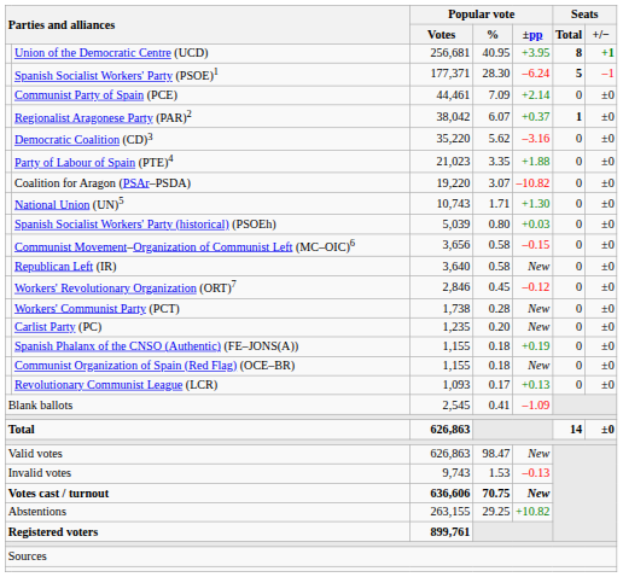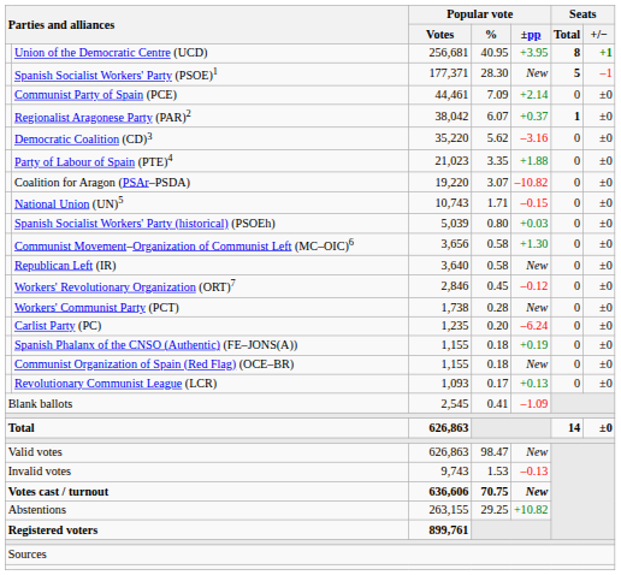 <table class="wikitable" style="text-align:right;">
 <tr>
 <th style="text-align:left;" rowspan="2" colspan="2" width="525">Parties and alliances</th>
 <th colspan="3">Popular vote</th>
 <th colspan="2">Seats</th>
 </tr>
 <tr>
 <th width="75">Votes</th>
 <th width="45">%</th>
 <th width="45">±<a href='#'>pp</a></th>
 <th width="35">Total</th>
 <th width="35">+/−</th>
 </tr>
 <tr>
 <td width="1" style="color:inherit;background:"></td>
 <td align="left"><a href='#'>Union of the Democratic Centre</a> (UCD)</td>
 <td>256,681</td>
 <td>40.95</td>
 <td style="color:green;">+3.95</td>
 <td><strong>8</strong></td>
 <td style="color:green;"><strong>+1</strong></td>
 </tr>
 <tr>
 <td style="color:inherit;background:"></td>
 <td align="left"><a href='#'>Spanish Socialist Workers' Party</a> (PSOE)<sup>1</sup></td>
 <td>177,371</td>
 <td>28.30</td>
-<td style="color:red;">–6.24</td>
+<td><em>New</em></td>
 <td><strong>5</strong></td>
 <td style="color:red;">–1</td>
 </tr>
 <tr>
 <td style="color:inherit;background:"></td>
 <td align="left"><a href='#'>Communist Party of Spain</a> (PCE)</td>
 <td>44,461</td>
 <td>7.09</td>
 <td style="color:green;">+2.14</td>
 <td>0</td>
 <td>±0</td>
 </tr>
 <tr>
 <td style="color:inherit;background:"></td>
 <td align="left"><a href='#'>Regionalist Aragonese Party</a> (PAR)<sup>2</sup></td>
 <td>38,042</td>
 <td>6.07</td>
 <td style="color:green;">+0.37</td>
 <td><strong>1</strong></td>
 <td>±0</td>
 </tr>
 <tr>
 <td style="color:inherit;background:"></td>
 <td align="left"><a href='#'>Democratic Coalition</a> (CD)<sup>3</sup></td>
 <td>35,220</td>
 <td>5.62</td>
 <td style="color:red;">–3.16</td>
 <td>0</td>
 <td>±0</td>
 </tr>
 <tr>
 <td style="color:inherit;background:"></td>
 <td align="left"><a href='#'>Party of Labour of Spain</a> (PTE)<sup>4</sup></td>
 <td>21,023</td>
 <td>3.35</td>
 <td style="color:green;">+1.88</td>
 <td>0</td>
 <td>±0</td>
 </tr>
 <tr>
 <td style="color:inherit;background:"></td>
 <td align="left">Coalition for Aragon (<a href='#'>PSAr</a>–PSDA)</td>
 <td>19,220</td>
 <td>3.07</td>
 <td style="color:red;">–10.82</td>
 <td>0</td>
 <td>±0</td>
 </tr>
 <tr>
 <td style="color:inherit;background:"></td>
 <td align="left"><a href='#'>National Union</a> (UN)<sup>5</sup></td>
 <td>10,743</td>
 <td>1.71</td>
-<td style="color:green;">+1.30</td>
+<td style="color:red;">–0.15</td>
 <td>0</td>
 <td>±0</td>
 </tr>
 <tr>
 <td style="color:inherit;background:"></td>
 <td align="left"><a href='#'>Spanish Socialist Workers' Party (historical)</a> (PSOEh)</td>
 <td>5,039</td>
 <td>0.80</td>
 <td style="color:green;">+0.03</td>
 <td>0</td>
 <td>±0</td>
 </tr>
 <tr>
 <td style="color:inherit;background:"></td>
 <td align="left"><a href='#'>Communist Movement</a>–<a href='#'>Organization of Communist Left</a> (MC–OIC)<sup>6</sup></td>
 <td>3,656</td>
 <td>0.58</td>
-<td style="color:red;">–0.15</td>
+<td style="color:green;">+1.30</td>
 <td>0</td>
 <td>±0</td>
 </tr>
 <tr>
 <td style="color:inherit;background:"></td>
 <td align="left"><a href='#'>Republican Left</a> (IR)</td>
 <td>3,640</td>
 <td>0.58</td>
 <td><em>New</em></td>
 <td>0</td>
 <td>±0</td>
 </tr>
 <tr>
 <td style="color:inherit;background:"></td>
 <td align="left"><a href='#'>Workers' Revolutionary Organization</a> (ORT)<sup>7</sup></td>
 <td>2,846</td>
 <td>0.45</td>
 <td style="color:red;">–0.12</td>
 <td>0</td>
 <td>±0</td>
 </tr>
 <tr>
 <td style="color:inherit;background:"></td>
 <td align="left"><a href='#'>Workers' Communist Party</a> (PCT)</td>
 <td>1,738</td>
 <td>0.28</td>
 <td><em>New</em></td>
 <td>0</td>
 <td>±0</td>
 </tr>
 <tr>
 <td style="color:inherit;background:"></td>
 <td align="left"><a href='#'>Carlist Party</a> (PC)</td>
 <td>1,235</td>
 <td>0.20</td>
-<td><em>New</em></td>
+<td style="color:red;">–6.24</td>
 <td>0</td>
 <td>±0</td>
 </tr>
 <tr>
 <td style="color:inherit;background:"></td>
 <td align="left"><a href='#'>Spanish Phalanx of the CNSO (Authentic)</a> (FE–JONS(A))</td>
 <td>1,155</td>
 <td>0.18</td>
 <td style="color:green;">+0.19</td>
 <td>0</td>
 <td>±0</td>
 </tr>
 <tr>
 <td style="color:inherit;background:"></td>
 <td align="left"><a href='#'>Communist Organization of Spain (Red Flag)</a> (OCE–BR)</td>
 <td>1,155</td>
 <td>0.18</td>
 <td><em>New</em></td>
 <td>0</td>
 <td>±0</td>
 </tr>
 <tr>
 <td style="color:inherit;background:"></td>
 <td align="left"><a href='#'>Revolutionary Communist League</a> (LCR)</td>
 <td>1,093</td>
 <td>0.17</td>
 <td style="color:green;">+0.13</td>
 <td>0</td>
 <td>±0</td>
 </tr>
 <tr>
 <td align="left" colspan="2">Blank ballots</td>
 <td>2,545</td>
 <td>0.41</td>
 <td style="color:red;">–1.09</td>
 <td bgcolor="#E9E9E9" colspan="2"></td>
 </tr>
 <tr>
 <td colspan="7" bgcolor="#E9E9E9"></td>
 </tr>
 <tr style="font-weight:bold;">
 <td align="left" colspan="2">Total</td>
 <td>626,863</td>
 <td bgcolor="#E9E9E9" colspan="2"></td>
 <td>14</td>
 <td>±0</td>
 </tr>
 <tr>
 <td colspan="7" bgcolor="#E9E9E9"></td>
 </tr>
 <tr>
 <td align="left" colspan="2">Valid votes</td>
 <td>626,863</td>
 <td>98.47</td>
 <td><em>New</em></td>
 <td bgcolor="#E9E9E9" colspan="2" rowspan="5"></td>
 </tr>
 <tr>
 <td align="left" colspan="2">Invalid votes</td>
 <td>9,743</td>
 <td>1.53</td>
 <td style="color:red;">–0.13</td>
 </tr>
 <tr style="font-weight:bold;">
 <td align="left" colspan="2">Votes cast / turnout</td>
 <td>636,606</td>
 <td>70.75</td>
 <td><em>New</em></td>
 </tr>
 <tr>
 <td align="left" colspan="2">Abstentions</td>
 <td>263,155</td>
 <td>29.25</td>
 <td style="color:green;">+10.82</td>
 </tr>
 <tr style="font-weight:bold;">
 <td align="left" colspan="2">Registered voters</td>
 <td>899,761</td>
 <td bgcolor="#E9E9E9" colspan="2"></td>
 </tr>
 <tr>
 <td colspan="7" bgcolor="#E9E9E9"></td>
 </tr>
 <tr>
 <td align="left" colspan="7">Sources</td>
 </tr>
 <tr>
 <td colspan="7" style="text-align:left; max-width:790px;"></td>
 </tr>
 </table>
